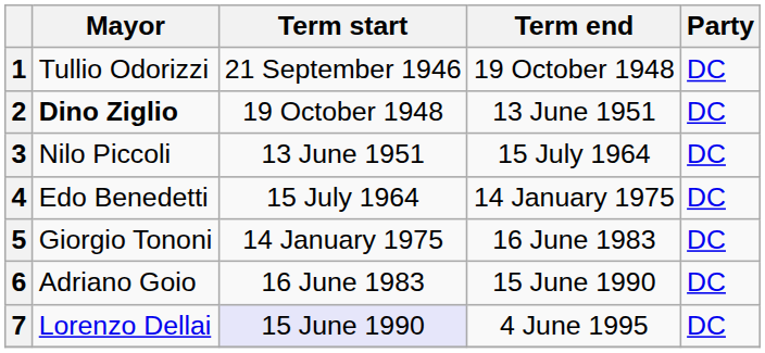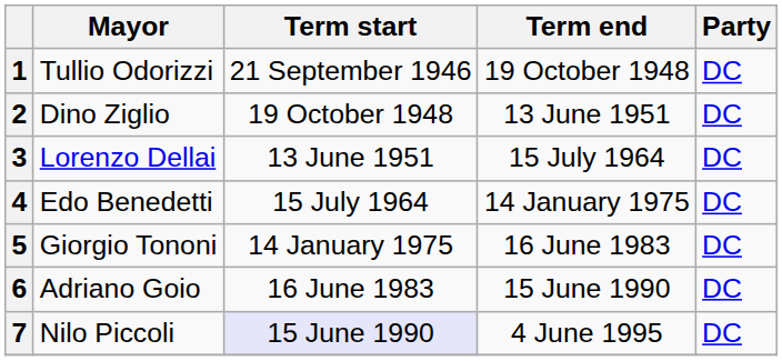 <table class="wikitable">
 <tr>
 <th class=unsortable> </th>
 <th>Mayor</th>
 <th>Term start</th>
 <th>Term end</th>
 <th>Party</th>
 </tr>
 <tr>
 <th style="background:">1</th>
 <td>Tullio Odorizzi</td>
 <td align=center>21 September 1946</td>
 <td align=center>19 October 1948</td>
 <td><a href='#'>DC</a></td>
 </tr>
 <tr>
 <th style="background:">2</th>
-<td><strong>Dino Ziglio</strong></td>
+<td>Dino Ziglio</td>
 <td align=center>19 October 1948</td>
 <td align=center>13 June 1951</td>
 <td><a href='#'>DC</a></td>
 </tr>
 <tr>
 <th style="background:">3</th>
-<td>Nilo Piccoli</td>
+<td><a href='#'>Lorenzo Dellai</a></td>
 <td align=center>13 June 1951</td>
 <td align=center>15 July 1964</td>
 <td><a href='#'>DC</a></td>
 </tr>
 <tr>
 <th style="background:">4</th>
 <td>Edo Benedetti</td>
 <td align=center>15 July 1964</td>
 <td align=center>14 January 1975</td>
 <td><a href='#'>DC</a></td>
 </tr>
 <tr>
 <th style="background:">5</th>
 <td>Giorgio Tononi</td>
 <td align=center>14 January 1975</td>
 <td align=center>16 June 1983</td>
 <td><a href='#'>DC</a></td>
 </tr>
 <tr>
 <th style="background:">6</th>
 <td>Adriano Goio</td>
 <td align=center>16 June 1983</td>
 <td align=center>15 June 1990</td>
 <td><a href='#'>DC</a></td>
 </tr>
 <tr>
 <th style="background:">7</th>
-<td><a href='#'>Lorenzo Dellai</a></td>
+<td>Nilo Piccoli</td>
 <td align=center style="background: lavender;">15 June 1990</td>
 <td align=center>4 June 1995</td>
 <td><a href='#'>DC</a></td>
 </tr>
 <tr>
 </tr>
 </table>
